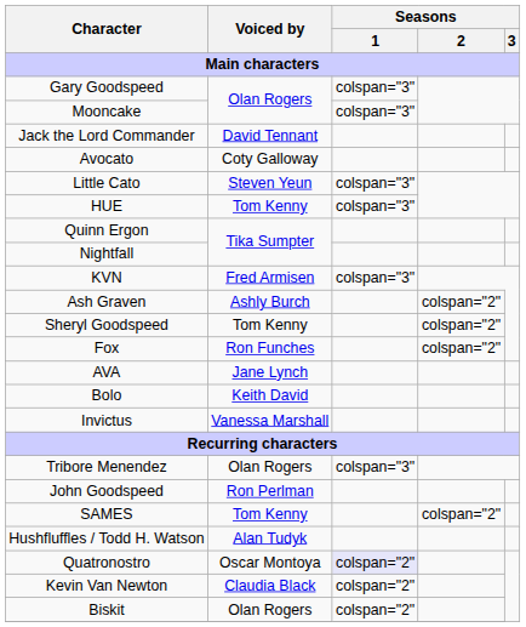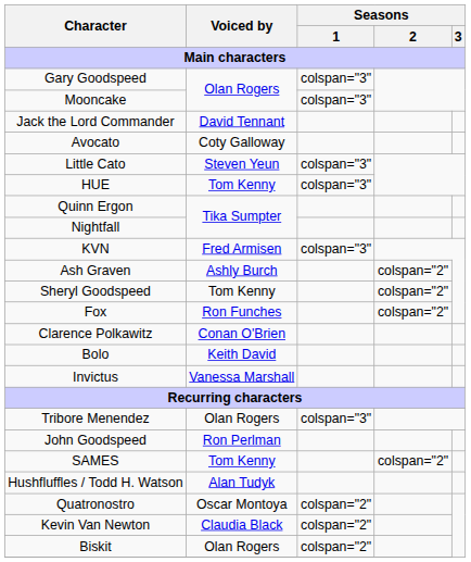 <table class="wikitable plainrowheaders" style="text-align:center;">
 <tr>
 <th scope="col" rowspan="2">Character</th>
 <th scope="col" rowspan="2">Voiced by</th>
 <th scope="col" colspan="3">Seasons</th>
 </tr>
 <tr>
 <th>1</th>
 <th>2</th>
 <th>3</th>
 </tr>
 <tr>
 <th colspan="5" style="background:#ccf;">Main characters</th>
 </tr>
 <tr>
 <td scope="row">Gary Goodspeed</td>
 <td rowspan="2"><a href='#'>Olan Rogers</a></td>
 <td>colspan="3" </td>
 </tr>
 <tr>
 <td scope="row">Mooncake</td>
 <td>colspan="3" </td>
 </tr>
 <tr>
 <td scope="row">Jack the Lord Commander</td>
 <td><a href='#'>David Tennant</a></td>
 <td></td>
 <td></td>
 <td></td>
 </tr>
 <tr>
 <td scope="row">Avocato</td>
 <td>Coty Galloway</td>
 <td></td>
 <td></td>
 <td></td>
 </tr>
 <tr>
 <td scope="row">Little Cato</td>
 <td><a href='#'>Steven Yeun</a></td>
 <td>colspan="3" </td>
 </tr>
 <tr>
 <td scope="row">HUE</td>
 <td><a href='#'>Tom Kenny</a></td>
 <td>colspan="3" </td>
 </tr>
 <tr>
 <td scope="row">Quinn Ergon</td>
 <td rowspan="2"><a href='#'>Tika Sumpter</a></td>
 <td></td>
 <td></td>
 <td></td>
 </tr>
 <tr>
 <td scope="row">Nightfall</td>
 <td></td>
 <td></td>
 <td></td>
 </tr>
 <tr>
 <td scope="row">KVN</td>
 <td><a href='#'>Fred Armisen</a></td>
 <td>colspan="3" </td>
 </tr>
 <tr>
 <td scope="row">Ash Graven</td>
 <td><a href='#'>Ashly Burch</a></td>
 <td></td>
 <td>colspan="2" </td>
 </tr>
 <tr>
 <td scope="row">Sheryl Goodspeed</td>
 <td>Tom Kenny</td>
 <td></td>
 <td>colspan="2" </td>
 </tr>
 <tr>
 <td scope="row">Fox</td>
 <td><a href='#'>Ron Funches</a></td>
 <td></td>
 <td>colspan="2" </td>
 </tr>
 <tr>
-<td scope="row">AVA</td>
-<td><a href='#'>Jane Lynch</a></td>
+<td scope="row">Clarence Polkawitz</td>
+<td><a href='#'>Conan O'Brien</a></td>
 <td></td>
 <td></td>
 <td></td>
 </tr>
 <tr>
 <td scope="row">Bolo</td>
 <td><a href='#'>Keith David</a></td>
 <td></td>
 <td></td>
 <td></td>
 </tr>
 <tr>
 <td scope="row">Invictus</td>
 <td><a href='#'>Vanessa Marshall</a></td>
 <td></td>
 <td></td>
 <td></td>
 </tr>
 <tr>
 <th colspan="5" style="background:#ccf;">Recurring characters</th>
 </tr>
 <tr>
 <td scope="row">Tribore Menendez</td>
 <td>Olan Rogers</td>
 <td>colspan="3" </td>
 </tr>
 <tr>
 <td scope="row">John Goodspeed</td>
 <td><a href='#'>Ron Perlman</a></td>
 <td></td>
 <td></td>
 <td></td>
 </tr>
 <tr>
 <td scope="row">SAMES</td>
 <td><a href='#'>Tom Kenny</a></td>
 <td></td>
 <td>colspan="2" </td>
 </tr>
 <tr>
 <td scope="row">Hushfluffles / Todd H. Watson</td>
 <td><a href='#'>Alan Tudyk</a></td>
 <td></td>
 <td></td>
 <td></td>
 </tr>
 <tr>
 <td scope="row">Quatronostro</td>
 <td>Oscar Montoya</td>
-<td style="background: lavender;">colspan="2" </td>
+<td>colspan="2" </td>
 <td></td>
 </tr>
 <tr>
 <td scope="row">Kevin Van Newton</td>
 <td><a href='#'>Claudia Black</a></td>
 <td>colspan="2" </td>
 <td></td>
 </tr>
 <tr>
 <td scope="row">Biskit</td>
 <td>Olan Rogers</td>
 <td>colspan="2" </td>
 <td></td>
 </tr>
 <tr>
 </tr>
 </table>
